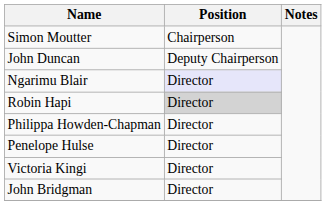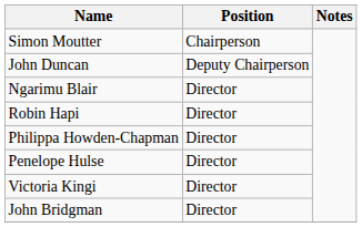 <table class= "wikitable sortable" |>
 <tr>
 <th>Name</th>
 <th>Position</th>
 <th>Notes</th>
 </tr>
 <tr>
 <td>Simon Moutter</td>
 <td>Chairperson</td>
 <td rowspan= "8"></td>
 </tr>
 <tr>
 <td>John Duncan</td>
 <td>Deputy Chairperson</td>
 </tr>
 <tr>
 <td>Ngarimu Blair</td>
-<td style="background: lavender;">Director</td>
+<td>Director</td>
 </tr>
 <tr>
 <td>Robin Hapi</td>
-<td style="background: lightgrey;">Director</td>
+<td>Director</td>
 </tr>
 <tr>
 <td>Philippa Howden-Chapman</td>
 <td>Director</td>
 </tr>
 <tr>
 <td>Penelope Hulse</td>
 <td>Director</td>
 </tr>
 <tr>
 <td>Victoria Kingi</td>
 <td>Director</td>
 </tr>
 <tr>
 <td>John Bridgman</td>
 <td>Director</td>
 </tr>
 <tr>
 </tr>
 </table>
